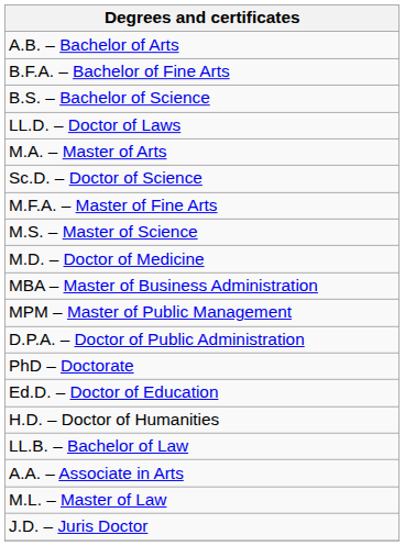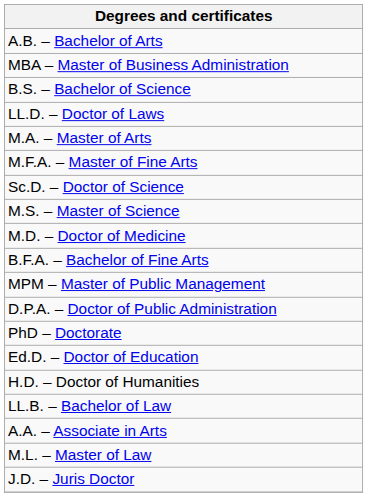 <table class="wikitable mw-collapsible mw-collapsed" style="width: 60%; height: 30px style="font-size: 100%">
 <tr>
 <th>Degrees and certificates</th>
 </tr>
 <tr>
 <td>A.B. – <a href='#'>Bachelor of Arts</a></td>
 </tr>
 <tr>
-<td>B.F.A. – <a href='#'>Bachelor of Fine Arts</a></td>
+<td>MBA – <a href='#'>Master of Business Administration</a></td>
 </tr>
 <tr>
 <td>B.S. – <a href='#'>Bachelor of Science</a></td>
 </tr>
 <tr>
 <td>LL.D. – <a href='#'>Doctor of Laws</a></td>
 </tr>
 <tr>
 <td>M.A. – <a href='#'>Master of Arts</a></td>
 </tr>
 <tr>
-<td>Sc.D. – <a href='#'>Doctor of Science</a></td>
+<td>M.F.A. – <a href='#'>Master of Fine Arts</a></td>
 </tr>
 <tr>
-<td>M.F.A. – <a href='#'>Master of Fine Arts</a></td>
+<td>Sc.D. – <a href='#'>Doctor of Science</a></td>
 </tr>
 <tr>
 <td>M.S. – <a href='#'>Master of Science</a></td>
 </tr>
 <tr>
 <td>M.D. – <a href='#'>Doctor of Medicine</a></td>
 </tr>
 <tr>
-<td>MBA – <a href='#'>Master of Business Administration</a></td>
+<td>B.F.A. – <a href='#'>Bachelor of Fine Arts</a></td>
 </tr>
 <tr>
 <td>MPM – <a href='#'>Master of Public Management</a></td>
 </tr>
 <tr>
 <td>D.P.A. – <a href='#'>Doctor of Public Administration</a></td>
 </tr>
 <tr>
 <td>PhD – <a href='#'>Doctorate</a></td>
 </tr>
 <tr>
 <td>Ed.D. – <a href='#'>Doctor of Education</a></td>
 </tr>
 <tr>
 <td>H.D. – Doctor of Humanities</td>
 </tr>
 <tr>
 <td>LL.B. – <a href='#'>Bachelor of Law</a></td>
 </tr>
 <tr>
 <td>A.A. – <a href='#'>Associate in Arts</a></td>
 </tr>
 <tr>
 <td>M.L. – <a href='#'>Master of Law</a></td>
 </tr>
 <tr>
 <td>J.D. – <a href='#'>Juris Doctor</a></td>
 </tr>
 <tr>
 </tr>
 </table>
